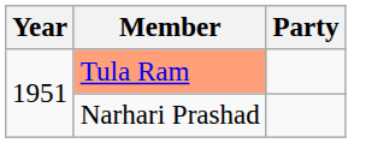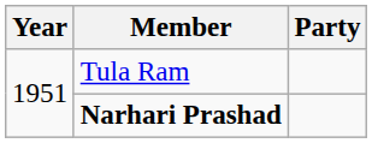 <table class="wikitable sortable">
 <tr>
 <th>Year</th>
 <th>Member</th>
 <th colspan="2">Party</th>
 </tr>
 <tr>
 <td rowspan=2>1951</td>
-<td style="background: lightsalmon;"><a href='#'>Tula Ram</a></td>
+<td><a href='#'>Tula Ram</a></td>
 <td></td>
 </tr>
 <tr>
-<td>Narhari Prashad</td>
+<td><strong>Narhari Prashad</strong></td>
 <td></td>
 </tr>
 </table>
